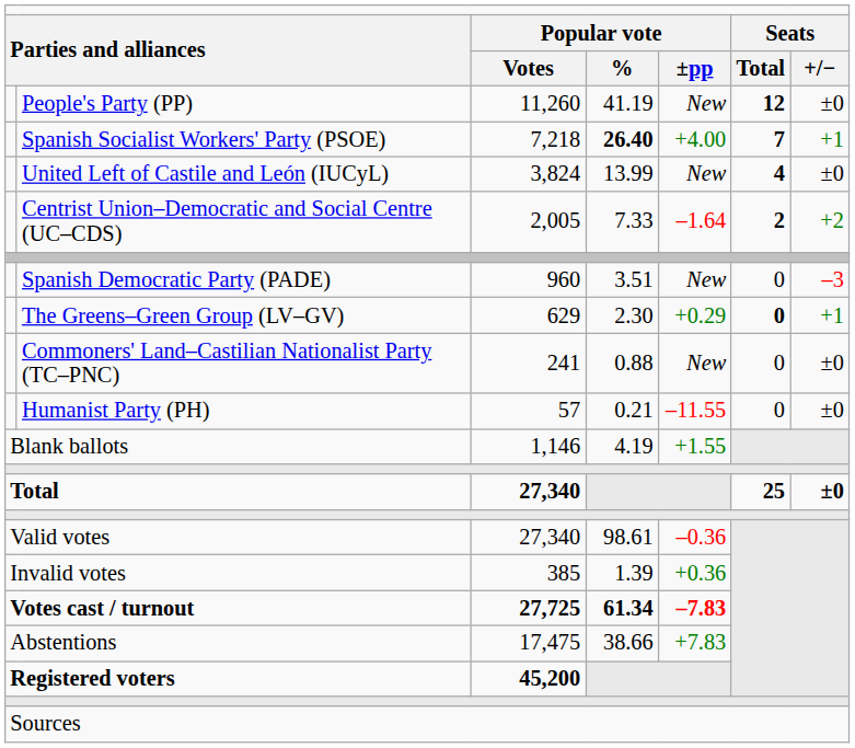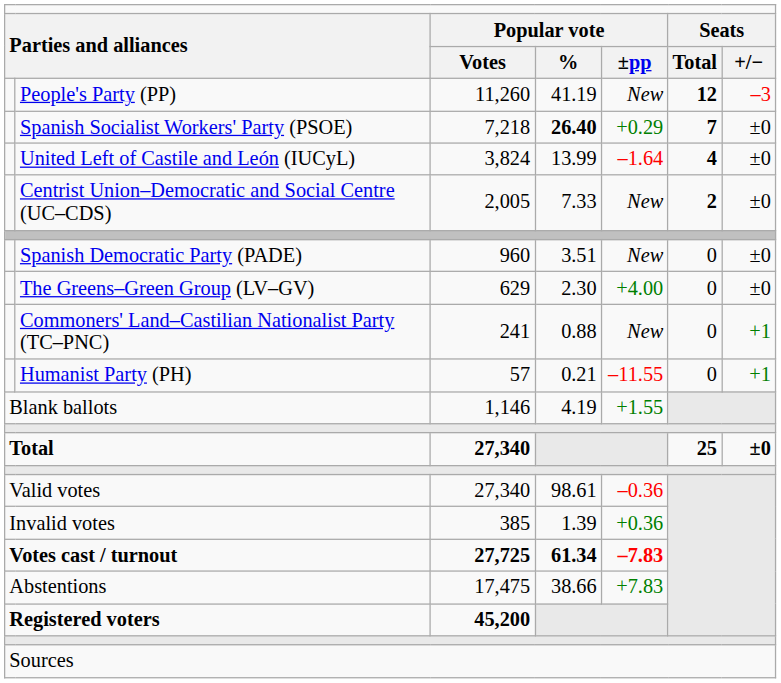 <table class="wikitable" style="text-align:right;">
 <tr>
 <td colspan="7"></td>
 </tr>
 <tr>
 <th style="text-align:left;" rowspan="2" colspan="2" width="525">Parties and alliances</th>
 <th colspan="3">Popular vote</th>
 <th colspan="2">Seats</th>
 </tr>
 <tr>
 <th width="75">Votes</th>
 <th width="45">%</th>
 <th width="45">±<a href='#'>pp</a></th>
 <th width="35">Total</th>
 <th width="35">+/−</th>
 </tr>
 <tr>
 <td width="1" style="color:inherit;background:"></td>
 <td align="left"><a href='#'>People's Party</a> (PP)</td>
 <td>11,260</td>
 <td>41.19</td>
 <td><em>New</em></td>
 <td><strong>12</strong></td>
-<td>±0</td>
+<td style="color:red;">–3</td>
 </tr>
 <tr>
 <td style="color:inherit;background:"></td>
 <td align="left"><a href='#'>Spanish Socialist Workers' Party</a> (PSOE)</td>
 <td>7,218</td>
 <td><strong>26.40</strong></td>
-<td style="color:green;">+4.00</td>
+<td style="color:green;">+0.29</td>
 <td><strong>7</strong></td>
-<td style="color:green;">+1</td>
+<td>±0</td>
 </tr>
 <tr>
 <td style="color:inherit;background:"></td>
 <td align="left"><a href='#'>United Left of Castile and León</a> (IUCyL)</td>
 <td>3,824</td>
 <td>13.99</td>
-<td><em>New</em></td>
+<td style="color:red;">–1.64</td>
 <td><strong>4</strong></td>
 <td>±0</td>
 </tr>
 <tr>
 <td style="color:inherit;background:"></td>
 <td align="left"><a href='#'>Centrist Union–Democratic and Social Centre</a> (UC–CDS)</td>
 <td>2,005</td>
 <td>7.33</td>
-<td style="color:red;">–1.64</td>
+<td><em>New</em></td>
 <td><strong>2</strong></td>
-<td style="color:green;">+2</td>
+<td>±0</td>
 </tr>
 <tr>
 <td colspan="7" bgcolor="#C0C0C0"></td>
 </tr>
 <tr>
 <td style="color:inherit;background:"></td>
 <td align="left"><a href='#'>Spanish Democratic Party</a> (PADE)</td>
 <td>960</td>
 <td>3.51</td>
 <td><em>New</em></td>
 <td>0</td>
-<td style="color:red;">–3</td>
+<td>±0</td>
 </tr>
 <tr>
 <td style="color:inherit;background:"></td>
 <td align="left"><a href='#'>The Greens–Green Group</a> (LV–GV)</td>
 <td>629</td>
 <td>2.30</td>
-<td style="color:green;">+0.29</td>
-<td><strong>0</strong></td>
-<td style="color:green;">+1</td>
+<td style="color:green;">+4.00</td>
+<td>0</td>
+<td>±0</td>
 </tr>
 <tr>
 <td style="color:inherit;background:"></td>
 <td align="left"><a href='#'>Commoners' Land–Castilian Nationalist Party</a> (TC–PNC)</td>
 <td>241</td>
 <td>0.88</td>
 <td><em>New</em></td>
 <td>0</td>
-<td>±0</td>
+<td style="color:green;">+1</td>
 </tr>
 <tr>
 <td style="color:inherit;background:"></td>
 <td align="left"><a href='#'>Humanist Party</a> (PH)</td>
 <td>57</td>
 <td>0.21</td>
 <td style="color:red;">–11.55</td>
 <td>0</td>
-<td>±0</td>
+<td style="color:green;">+1</td>
 </tr>
 <tr>
 <td align="left" colspan="2">Blank ballots</td>
 <td>1,146</td>
 <td>4.19</td>
 <td style="color:green;">+1.55</td>
 <td bgcolor="#E9E9E9" colspan="2"></td>
 </tr>
 <tr>
 <td colspan="7" bgcolor="#E9E9E9"></td>
 </tr>
 <tr style="font-weight:bold;">
 <td align="left" colspan="2">Total</td>
 <td>27,340</td>
 <td bgcolor="#E9E9E9" colspan="2"></td>
 <td>25</td>
 <td>±0</td>
 </tr>
 <tr>
 <td colspan="7" bgcolor="#E9E9E9"></td>
 </tr>
 <tr>
 <td align="left" colspan="2">Valid votes</td>
 <td>27,340</td>
 <td>98.61</td>
 <td style="color:red;">–0.36</td>
 <td bgcolor="#E9E9E9" colspan="2" rowspan="5"></td>
 </tr>
 <tr>
 <td align="left" colspan="2">Invalid votes</td>
 <td>385</td>
 <td>1.39</td>
 <td style="color:green;">+0.36</td>
 </tr>
 <tr style="font-weight:bold;">
 <td align="left" colspan="2">Votes cast / turnout</td>
 <td>27,725</td>
 <td>61.34</td>
 <td style="color:red;">–7.83</td>
 </tr>
 <tr>
 <td align="left" colspan="2">Abstentions</td>
 <td>17,475</td>
 <td>38.66</td>
 <td style="color:green;">+7.83</td>
 </tr>
 <tr style="font-weight:bold;">
 <td align="left" colspan="2">Registered voters</td>
 <td>45,200</td>
 <td bgcolor="#E9E9E9" colspan="2"></td>
 </tr>
 <tr>
 <td colspan="7" bgcolor="#E9E9E9"></td>
 </tr>
 <tr>
 <td align="left" colspan="7">Sources</td>
 </tr>
 </table>
